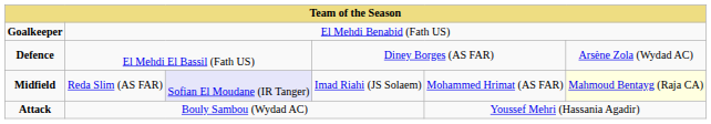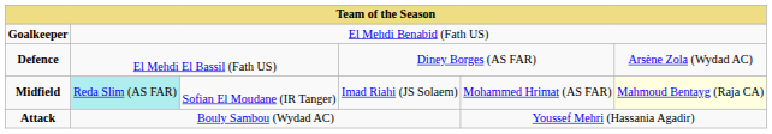 <table class="wikitable" style="text-align:center">
 <tr>
 <th colspan="6" style="background-color: #eedd82">Team of the Season</th>
 </tr>
 <tr>
 <td><strong>Goalkeeper</strong></td>
 <td colspan="5"> <a href='#'>El Mehdi Benabid</a> (Fath US)</td>
 </tr>
 <tr>
 <td><strong>Defence</strong></td>
 <td colspan="2" lowspan="1"><br><a href='#'>El Mehdi El Bassil</a> (Fath US)</td>
 <td colspan="2"> <a href='#'>Diney Borges</a> (AS FAR)</td>
 <td> <a href='#'>Arsène Zola</a> (Wydad AC)</td>
 </tr>
 <tr>
 <td><strong>Midfield</strong></td>
-<td> <a href='#'>Reda Slim</a> (AS FAR)</td>
-<td lowspan="1" style="background: lavender;"><br> <a href='#'>Sofian El Moudane</a> (IR Tanger)</td>
+<td style="background: paleturquoise;"> <a href='#'>Reda Slim</a> (AS FAR)</td>
+<td lowspan="1"><br> <a href='#'>Sofian El Moudane</a> (IR Tanger)</td>
 <td> <a href='#'>Imad Riahi</a> (JS Solaem)</td>
 <td> <a href='#'>Mohammed Hrimat</a> (AS FAR)</td>
 <td lowspan="1" style="background: lightyellow;"> <a href='#'>Mahmoud Bentayg</a> (Raja CA)</td>
 </tr>
 <tr>
 <td><strong>Attack</strong></td>
 <td colspan="3"> <a href='#'>Bouly Sambou</a> (Wydad AC)</td>
 <td colspan="2"> <a href='#'>Youssef Mehri</a> (Hassania Agadir)</td>
 </tr>
 </table>
